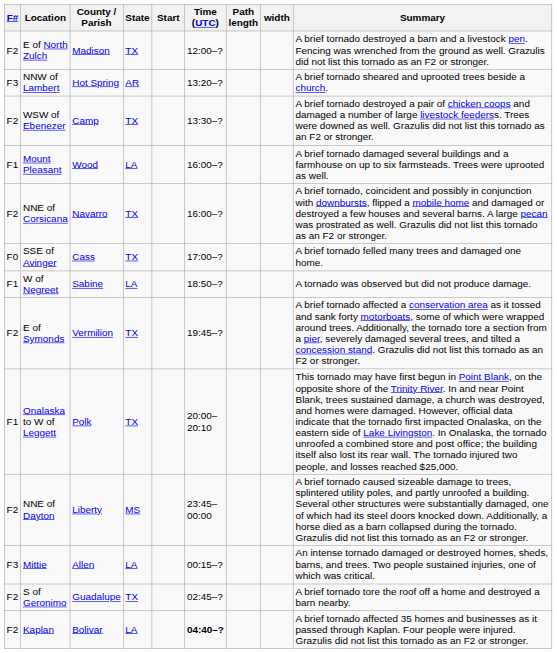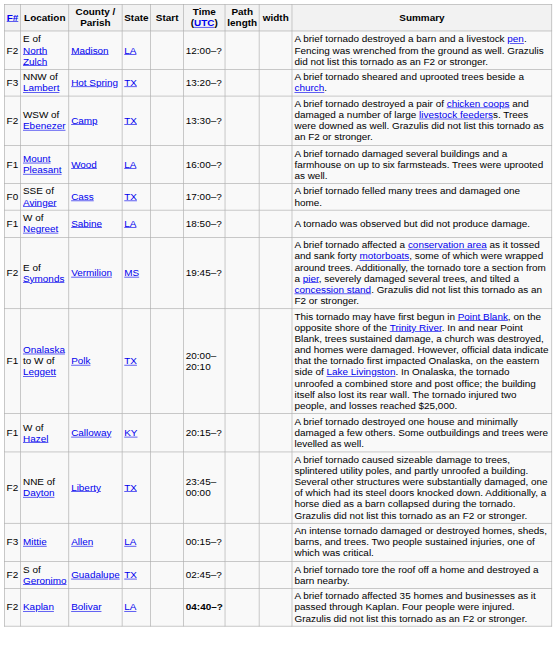 <table class="wikitable sortable" style="width:100%;">
 <tr>
 <th scope="col"  style="width:3%; text-align:center;"><a href='#'>F#</a></th>
 <th scope="col"  style="width:7%; text-align:center;" class="unsortable">Location</th>
 <th scope="col"  style="width:6%; text-align:center;" class="unsortable">County / Parish</th>
 <th scope="col"  style="width:5%; text-align:center;">State</th>
 <th scope="col"  style="width:6%; text-align:center;">Start </th>
 <th scope="col"  style="width:6%; text-align:center;">Time (<a href='#'>UTC</a>)</th>
 <th scope="col"  style="width:6%; text-align:center;">Path length</th>
 <th scope="col"  style="width:6%; text-align:center;"> width</th>
 <th scope="col" class="unsortable" style="width:48%; text-align:center;">Summary</th>
 </tr>
 <tr>
 <td>F2</td>
 <td>E of <a href='#'>North Zulch</a></td>
 <td><a href='#'>Madison</a></td>
-<td><a href='#'>TX</a></td>
+<td><a href='#'>LA</a></td>
 <td></td>
 <td>12:00–?</td>
 <td></td>
 <td></td>
 <td>A brief tornado destroyed a barn and a livestock <a href='#'>pen</a>. Fencing was wrenched from the ground as well. Grazulis did not list this tornado as an F2 or stronger.</td>
 </tr>
 <tr>
 <td>F3</td>
 <td>NNW of <a href='#'>Lambert</a></td>
 <td><a href='#'>Hot Spring</a></td>
-<td><a href='#'>AR</a></td>
+<td><a href='#'>TX</a></td>
 <td></td>
 <td>13:20–?</td>
 <td></td>
 <td></td>
 <td>A brief tornado sheared and uprooted trees beside a <a href='#'>church</a>.</td>
 </tr>
 <tr>
 <td>F2</td>
 <td>WSW of <a href='#'>Ebenezer</a></td>
 <td><a href='#'>Camp</a></td>
 <td><a href='#'>TX</a></td>
 <td></td>
 <td>13:30–?</td>
 <td></td>
 <td></td>
 <td>A brief tornado destroyed a pair of <a href='#'>chicken coops</a> and damaged a number of large <a href='#'>livestock feeders</a>s. Trees were downed as well. Grazulis did not list this tornado as an F2 or stronger.</td>
 </tr>
 <tr>
 <td>F1</td>
 <td><a href='#'>Mount Pleasant</a></td>
 <td><a href='#'>Wood</a></td>
 <td><a href='#'>LA</a></td>
 <td></td>
 <td>16:00–?</td>
 <td></td>
 <td></td>
 <td>A brief tornado damaged several buildings and a farmhouse on up to six farmsteads. Trees were uprooted as well.</td>
 </tr>
 <tr>
-<td>F2</td>
-<td>NNE of <a href='#'>Corsicana</a></td>
-<td><a href='#'>Navarro</a></td>
-<td><a href='#'>TX</a></td>
-<td></td>
-<td>16:00–?</td>
-<td></td>
-<td></td>
-<td>A brief tornado, coincident and possibly in conjunction with <a href='#'>downbursts</a>, flipped a <a href='#'>mobile home</a> and damaged or destroyed a few houses and several barns. A large <a href='#'>pecan</a> was prostrated as well. Grazulis did not list this tornado as an F2 or stronger.</td>
-</tr>
-<tr>
 <td>F0</td>
 <td>SSE of <a href='#'>Avinger</a></td>
 <td><a href='#'>Cass</a></td>
 <td><a href='#'>TX</a></td>
 <td></td>
 <td>17:00–?</td>
 <td></td>
 <td></td>
 <td>A brief tornado felled many trees and damaged one home.</td>
 </tr>
 <tr>
 <td>F1</td>
 <td>W of <a href='#'>Negreet</a></td>
 <td><a href='#'>Sabine</a></td>
 <td><a href='#'>LA</a></td>
 <td></td>
 <td>18:50–?</td>
 <td></td>
 <td></td>
 <td>A tornado was observed but did not produce damage.</td>
 </tr>
 <tr>
 <td>F2</td>
 <td>E of <a href='#'>Symonds</a></td>
 <td><a href='#'>Vermilion</a></td>
-<td><a href='#'>TX</a></td>
+<td><a href='#'>MS</a></td>
 <td></td>
 <td>19:45–?</td>
 <td></td>
 <td></td>
 <td>A brief tornado affected a  <a href='#'>conservation area</a> as it tossed and sank forty <a href='#'>motorboats</a>, some of which were wrapped around trees. Additionally, the tornado tore a section from a  <a href='#'>pier</a>, severely damaged several trees, and tilted a <a href='#'>concession stand</a>. Grazulis did not list this tornado as an F2 or stronger.</td>
 </tr>
 <tr>
 <td>F1</td>
 <td><a href='#'>Onalaska</a> to W of <a href='#'>Leggett</a></td>
 <td><a href='#'>Polk</a></td>
 <td><a href='#'>TX</a></td>
 <td></td>
 <td>20:00–20:10</td>
 <td></td>
 <td></td>
 <td>This tornado may have first begun in <a href='#'>Point Blank</a>, on the opposite shore of the <a href='#'>Trinity River</a>. In and near Point Blank, trees sustained damage, a church was destroyed, and homes were damaged. However, official data indicate that the tornado first impacted Onalaska, on the eastern side of <a href='#'>Lake Livingston</a>. In Onalaska, the tornado unroofed a combined store and post office; the building itself also lost its rear wall. The tornado injured two people, and losses reached $25,000.</td>
 </tr>
 <tr>
+<td>F1</td>
+<td>W of <a href='#'>Hazel</a></td>
+<td><a href='#'>Calloway</a></td>
+<td><a href='#'>KY</a></td>
+<td></td>
+<td>20:15–?</td>
+<td></td>
+<td></td>
+<td>A brief tornado destroyed one house and minimally damaged a few others. Some outbuildings and trees were levelled as well.</td>
+</tr>
+<tr>
 <td>F2</td>
 <td>NNE of <a href='#'>Dayton</a></td>
 <td><a href='#'>Liberty</a></td>
-<td><a href='#'>MS</a></td>
+<td><a href='#'>TX</a></td>
 <td></td>
 <td>23:45–00:00</td>
 <td></td>
 <td></td>
 <td>A brief tornado caused sizeable damage to trees, splintered utility poles, and partly unroofed a building. Several other structures were substantially damaged, one of which had its steel doors knocked down. Additionally, a horse died as a barn collapsed during the tornado. Grazulis did not list this tornado as an F2 or stronger.</td>
 </tr>
 <tr>
 <td>F3</td>
 <td><a href='#'>Mittie</a></td>
 <td><a href='#'>Allen</a></td>
 <td><a href='#'>LA</a></td>
 <td></td>
 <td>00:15–?</td>
 <td></td>
 <td></td>
 <td>An intense tornado damaged or destroyed homes, sheds, barns, and trees. Two people sustained injuries, one of which was critical.</td>
 </tr>
 <tr>
 <td>F2</td>
 <td>S of <a href='#'>Geronimo</a></td>
 <td><a href='#'>Guadalupe</a></td>
 <td><a href='#'>TX</a></td>
 <td></td>
 <td>02:45–?</td>
 <td></td>
 <td></td>
 <td>A brief tornado tore the roof off a home and destroyed a barn nearby.</td>
 </tr>
 <tr>
 <td>F2</td>
 <td><a href='#'>Kaplan</a></td>
 <td><a href='#'>Bolivar</a></td>
 <td><a href='#'>LA</a></td>
 <td></td>
 <td><strong>04:40–?</strong></td>
 <td></td>
 <td></td>
 <td>A brief tornado affected 35 homes and businesses as it passed through Kaplan. Four people were injured. Grazulis did not list this tornado as an F2 or stronger.</td>
 </tr>
 </table>
